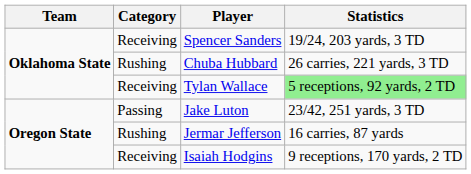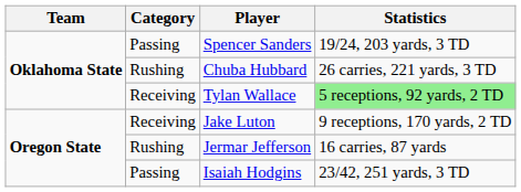 <table class="wikitable" style="float: right;">
 <tr>
 <th>Team</th>
 <th>Category</th>
 <th>Player</th>
 <th>Statistics</th>
 </tr>
 <tr>
 <td rowspan=3><strong>Oklahoma State</strong></td>
-<td>Receiving</td>
+<td>Passing</td>
 <td><a href='#'>Spencer Sanders</a></td>
 <td>19/24, 203 yards, 3 TD</td>
 </tr>
 <tr>
 <td>Rushing</td>
 <td><a href='#'>Chuba Hubbard</a></td>
 <td>26 carries, 221 yards, 3 TD</td>
 </tr>
 <tr>
 <td>Receiving</td>
 <td><a href='#'>Tylan Wallace</a></td>
 <td style="background: lightgreen;">5 receptions, 92 yards, 2 TD</td>
 </tr>
 <tr>
 <td rowspan=3><strong>Oregon State</strong></td>
-<td>Passing</td>
+<td>Receiving</td>
 <td><a href='#'>Jake Luton</a></td>
-<td>23/42, 251 yards, 3 TD</td>
+<td>9 receptions, 170 yards, 2 TD</td>
 </tr>
 <tr>
 <td>Rushing</td>
 <td><a href='#'>Jermar Jefferson</a></td>
 <td>16 carries, 87 yards</td>
 </tr>
 <tr>
-<td>Receiving</td>
+<td>Passing</td>
 <td><a href='#'>Isaiah Hodgins</a></td>
-<td>9 receptions, 170 yards, 2 TD</td>
+<td>23/42, 251 yards, 3 TD</td>
 </tr>
 </table>
